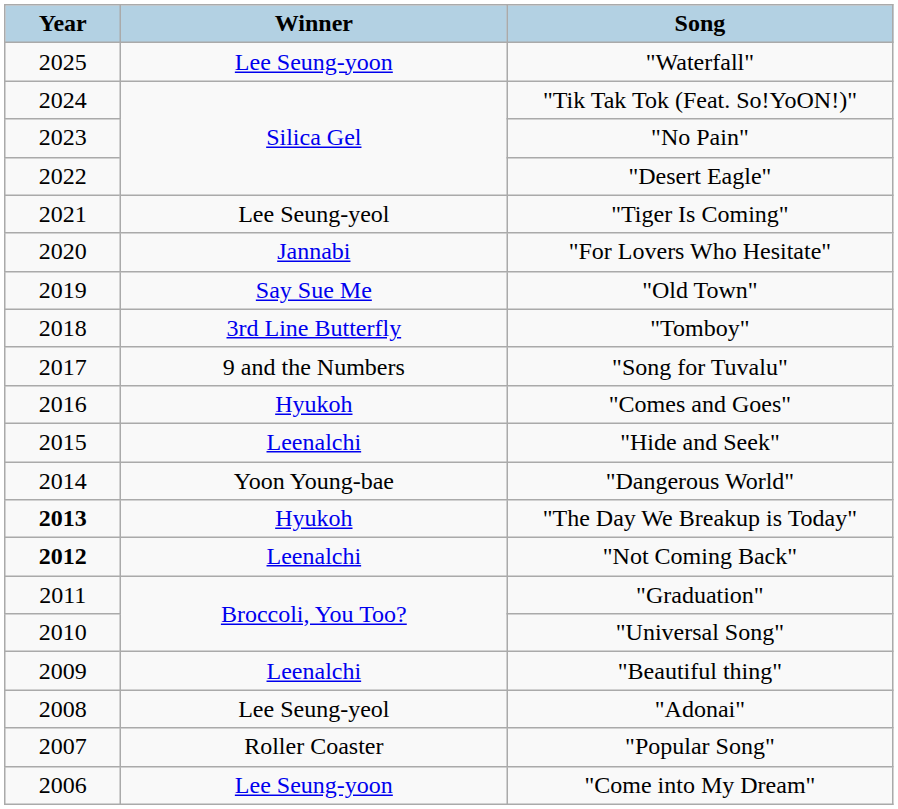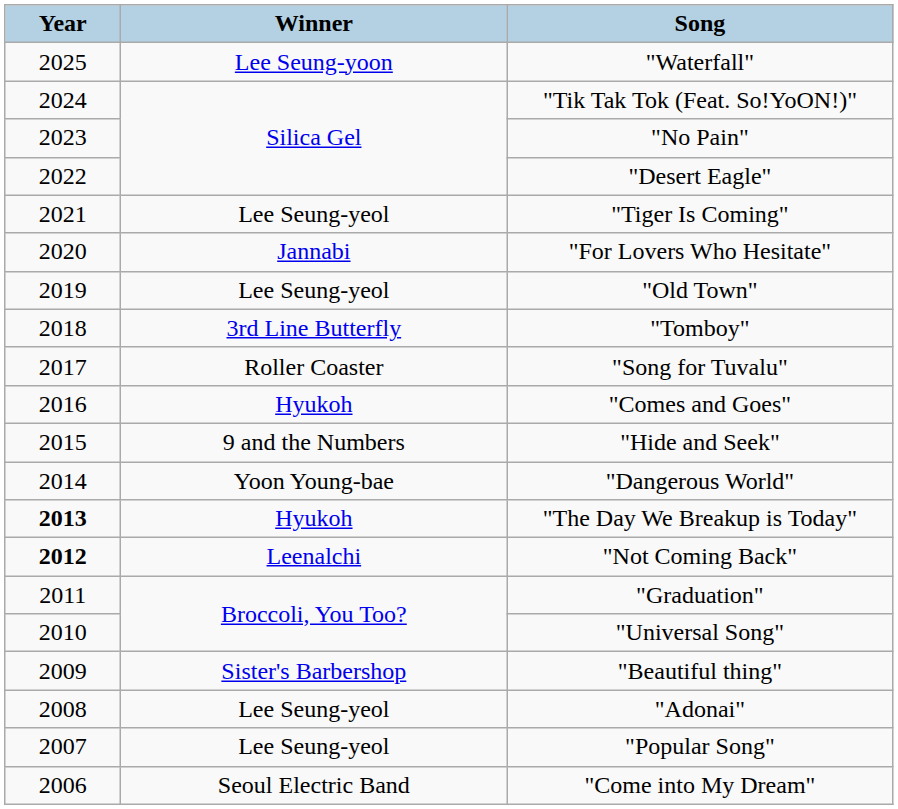 <table class="wikitable" style="text-align: center">
 <tr>
 <th width="70" style="background:#b3d1e3;">Year</th>
 <th width="250" style="background:#b3d1e3;">Winner</th>
 <th width="250" style="background:#b3d1e3;">Song</th>
 </tr>
 <tr>
 <td>2025</td>
 <td><a href='#'>Lee Seung-yoon</a></td>
 <td>"Waterfall"</td>
 </tr>
 <tr>
 <td>2024</td>
 <td rowspan="3"><a href='#'>Silica Gel</a></td>
 <td>"Tik Tak Tok (Feat. So!YoON!)"</td>
 </tr>
 <tr>
 <td>2023</td>
 <td>"No Pain"</td>
 </tr>
 <tr>
 <td>2022</td>
 <td>"Desert Eagle"</td>
 </tr>
 <tr>
 <td>2021</td>
 <td>Lee Seung-yeol</td>
 <td>"Tiger Is Coming"</td>
 </tr>
 <tr>
 <td>2020</td>
 <td><a href='#'>Jannabi</a></td>
 <td>"For Lovers Who Hesitate"</td>
 </tr>
 <tr>
 <td>2019</td>
-<td><a href='#'>Say Sue Me</a></td>
+<td>Lee Seung-yeol</td>
 <td>"Old Town"</td>
 </tr>
 <tr>
 <td>2018</td>
 <td><a href='#'>3rd Line Butterfly</a></td>
 <td>"Tomboy"</td>
 </tr>
 <tr>
 <td>2017</td>
-<td>9 and the Numbers</td>
+<td>Roller Coaster</td>
 <td>"Song for Tuvalu"</td>
 </tr>
 <tr>
 <td>2016</td>
 <td><a href='#'>Hyukoh</a></td>
 <td>"Comes and Goes"</td>
 </tr>
 <tr>
 <td>2015</td>
-<td><a href='#'>Leenalchi</a></td>
+<td>9 and the Numbers</td>
 <td>"Hide and Seek"</td>
 </tr>
 <tr>
 <td>2014</td>
 <td>Yoon Young-bae</td>
 <td>"Dangerous World"</td>
 </tr>
 <tr>
 <td><strong>2013</strong></td>
 <td><a href='#'>Hyukoh</a></td>
 <td>"The Day We Breakup is Today"</td>
 </tr>
 <tr>
 <td><strong>2012</strong></td>
 <td><a href='#'>Leenalchi</a></td>
 <td>"Not Coming Back"</td>
 </tr>
 <tr>
 <td>2011</td>
 <td rowspan="2"><a href='#'>Broccoli, You Too?</a></td>
 <td>"Graduation"</td>
 </tr>
 <tr>
 <td>2010</td>
 <td>"Universal Song"</td>
 </tr>
 <tr>
 <td>2009</td>
-<td><a href='#'>Leenalchi</a></td>
+<td><a href='#'>Sister's Barbershop</a></td>
 <td>"Beautiful thing"</td>
 </tr>
 <tr>
 <td>2008</td>
 <td>Lee Seung-yeol</td>
 <td>"Adonai"</td>
 </tr>
 <tr>
 <td>2007</td>
-<td>Roller Coaster</td>
+<td>Lee Seung-yeol</td>
 <td>"Popular Song"</td>
 </tr>
 <tr>
 <td>2006</td>
-<td><a href='#'>Lee Seung-yoon</a></td>
+<td>Seoul Electric Band</td>
 <td>"Come into My Dream"</td>
 </tr>
 </table>
